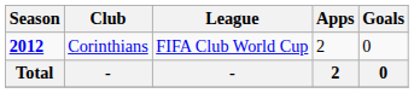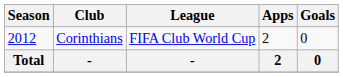 <table class="wikitable">
 <tr>
 <th>Season</th>
 <th>Club</th>
 <th>League</th>
 <th>Apps</th>
 <th>Goals</th>
 </tr>
 <tr>
-<td><strong><a href='#'>2012</a></strong></td>
+<td><a href='#'>2012</a></td>
 <td rowspan=1><a href='#'>Corinthians</a></td>
 <td rowspan=1><a href='#'>FIFA Club World Cup</a></td>
 <td>2</td>
 <td>0</td>
 </tr>
 <tr>
 <th>Total</th>
 <th>-</th>
 <th>-</th>
 <th>2</th>
 <th>0</th>
 </tr>
 <tr>
 </tr>
 </table>
